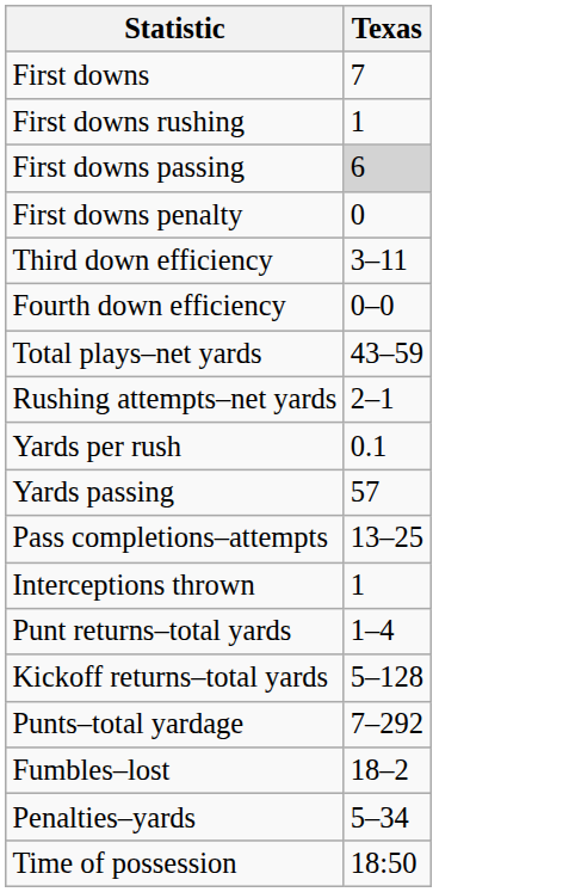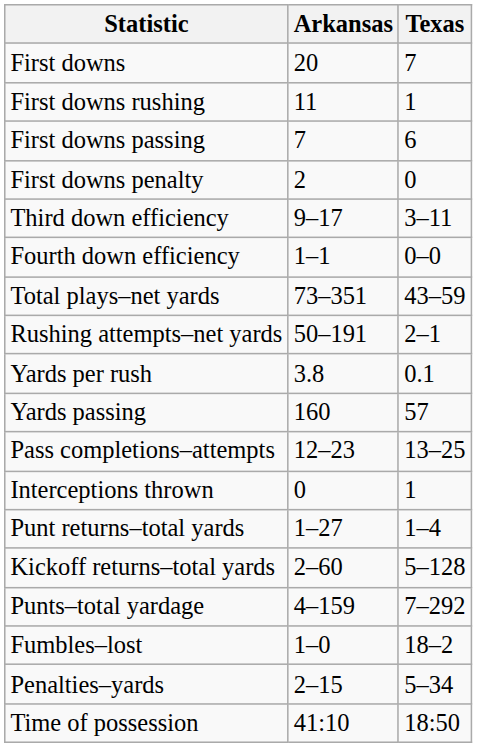 <table class="wikitable">
 <tr>
 <th>Statistic</th>
+<th><strong>Arkansas</strong></th>
 <th><strong>Texas</strong></th>
 </tr>
 <tr>
 <td>First downs</td>
+<td>20</td>
 <td>7</td>
 </tr>
 <tr>
 <td>First downs rushing</td>
+<td>11</td>
 <td>1</td>
 </tr>
 <tr>
 <td>First downs passing</td>
-<td style="background: lightgrey;">6</td>
+<td>7</td>
+<td>6</td>
 </tr>
 <tr>
 <td>First downs penalty</td>
+<td>2</td>
 <td>0</td>
 </tr>
 <tr>
 <td>Third down efficiency</td>
+<td>9–17</td>
 <td>3–11</td>
 </tr>
 <tr>
 <td>Fourth down efficiency</td>
+<td>1–1</td>
 <td>0–0</td>
 </tr>
 <tr>
 <td>Total plays–net yards</td>
+<td>73–351</td>
 <td>43–59</td>
 </tr>
 <tr>
 <td>Rushing attempts–net yards</td>
+<td>50–191</td>
 <td>2–1</td>
 </tr>
 <tr>
 <td>Yards per rush</td>
+<td>3.8</td>
 <td>0.1</td>
 </tr>
 <tr>
 <td>Yards passing</td>
+<td>160</td>
 <td>57</td>
 </tr>
 <tr>
 <td>Pass completions–attempts</td>
+<td>12–23</td>
 <td>13–25</td>
 </tr>
 <tr>
 <td>Interceptions thrown</td>
+<td>0</td>
 <td>1</td>
 </tr>
 <tr>
 <td>Punt returns–total yards</td>
+<td>1–27</td>
 <td>1–4</td>
 </tr>
 <tr>
 <td>Kickoff returns–total yards</td>
+<td>2–60</td>
 <td>5–128</td>
 </tr>
 <tr>
 <td>Punts–total yardage</td>
+<td>4–159</td>
 <td>7–292</td>
 </tr>
 <tr>
 <td>Fumbles–lost</td>
+<td>1–0</td>
 <td>18–2</td>
 </tr>
 <tr>
 <td>Penalties–yards</td>
+<td>2–15</td>
 <td>5–34</td>
 </tr>
 <tr>
 <td>Time of possession</td>
+<td>41:10</td>
 <td>18:50</td>
 </tr>
 </table>
